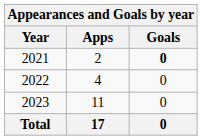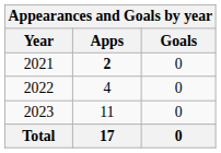 <table class="wikitable sortable" style="text-align:center">
 <tr>
 <th colspan=3>Appearances and Goals by year</th>
 </tr>
 <tr>
 <th>Year</th>
 <th>Apps</th>
 <th>Goals</th>
 </tr>
 <tr>
 <td>2021</td>
-<td>2</td>
-<td><strong>0</strong></td>
+<td><strong>2</strong></td>
+<td>0</td>
 </tr>
 <tr>
 <td>2022</td>
 <td>4</td>
 <td>0</td>
 </tr>
 <tr>
 <td>2023</td>
 <td>11</td>
 <td>0</td>
 </tr>
 <tr>
 <th>Total</th>
 <th>17</th>
 <th>0</th>
 </tr>
 </table>
